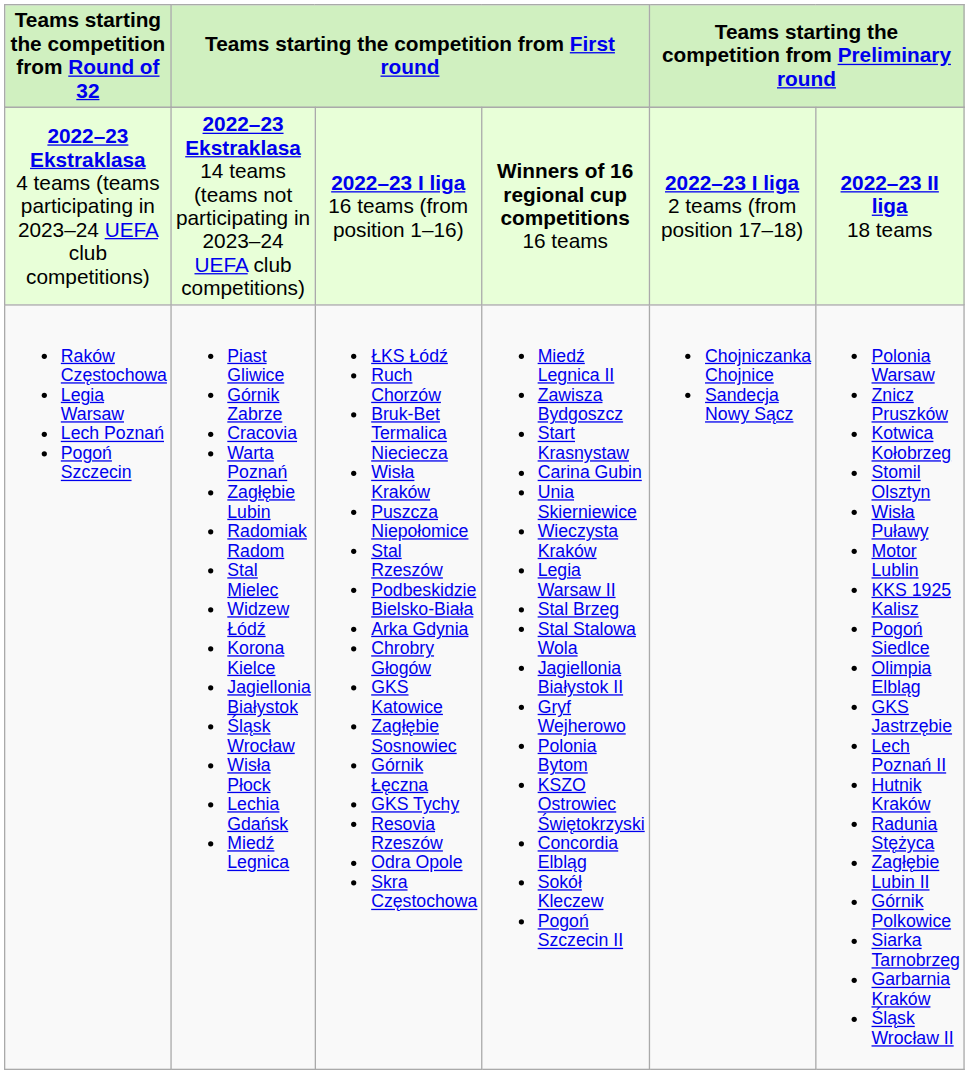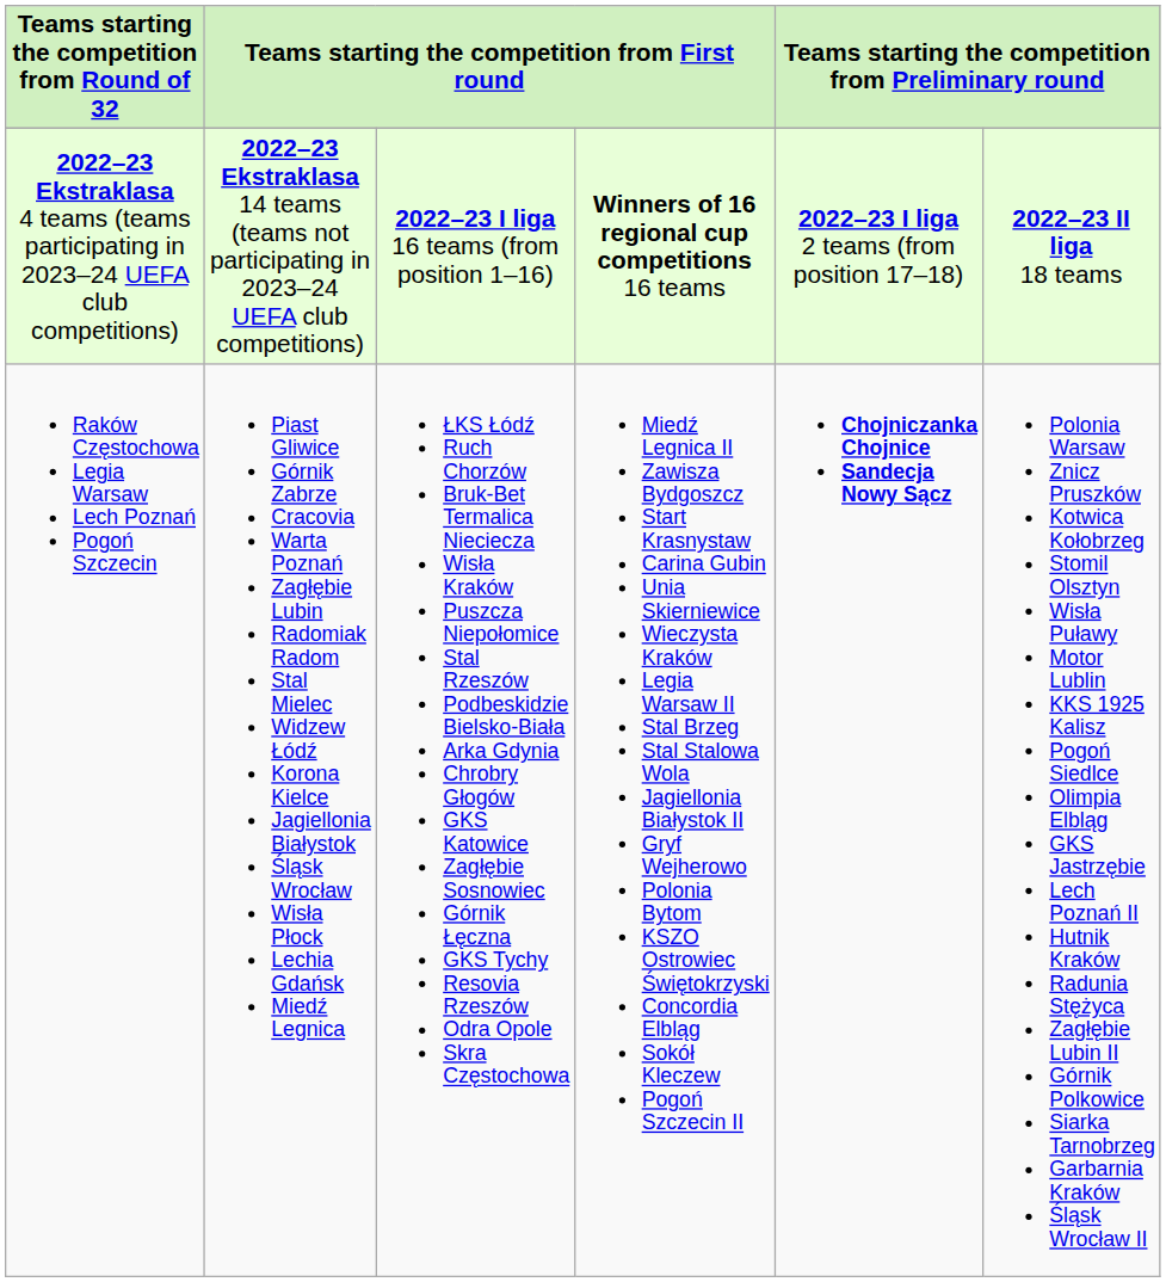 <table class="wikitable" width="100%">
 <tr bgcolor="#D0F0C0">
 <td align="center" colspan="1" width="18%"><strong>Teams starting the competition from <a href='#'>Round of 32</a></strong></td>
 <td align="center" colspan="3" width="64%"><strong>Teams starting the competition from <a href='#'>First round</a></strong></td>
 <td align="center" colspan="2" width="18%"><strong>Teams starting the competition from <a href='#'>Preliminary round</a></strong></td>
 </tr>
 <tr>
 </tr>
 <tr bgcolor="#E8FFD8">
 <td align="center" width="15%"><strong><a href='#'>2022–23 Ekstraklasa</a></strong><br>4 teams (teams participating in 2023–24 <a href='#'>UEFA</a> club competitions)</td>
 <td align="center" width="15%"><strong><a href='#'>2022–23 Ekstraklasa</a></strong><br>14 teams (teams not participating in 2023–24 <a href='#'>UEFA</a> club competitions)</td>
 <td align="center" width="15%"><strong><a href='#'>2022–23 I liga</a></strong><br>16 teams (from position 1–16)</td>
 <td align="center" width="25%"><strong>Winners of 16 regional cup competitions</strong><br>16 teams</td>
 <td align="center" width="15%"><strong><a href='#'>2022–23 I liga</a></strong><br>2 teams (from position 17–18)</td>
 <td align="center" width="15%"><strong><a href='#'>2022–23 II liga</a></strong><br>18 teams</td>
 </tr>
 <tr style="font-size:85%" valign="top">
 <td><br><ul><li><a href='#'>Raków Częstochowa</a></li><li><a href='#'>Legia Warsaw</a></li><li><a href='#'>Lech Poznań</a></li><li><a href='#'>Pogoń Szczecin</a></li></ul></td>
 <td><br><ul><li><a href='#'>Piast Gliwice</a></li><li><a href='#'>Górnik Zabrze</a></li><li><a href='#'>Cracovia</a></li><li><a href='#'>Warta Poznań</a></li><li><a href='#'>Zagłębie Lubin</a></li><li><a href='#'>Radomiak Radom</a></li><li><a href='#'>Stal Mielec</a></li><li><a href='#'>Widzew Łódź</a></li><li><a href='#'>Korona Kielce</a></li><li><a href='#'>Jagiellonia Białystok</a></li><li><a href='#'>Śląsk Wrocław</a></li><li><a href='#'>Wisła Płock</a></li><li><a href='#'>Lechia Gdańsk</a></li><li><a href='#'>Miedź Legnica</a></li></ul></td>
 <td><br><ul><li><a href='#'>ŁKS Łódź</a></li><li><a href='#'>Ruch Chorzów</a></li><li><a href='#'>Bruk-Bet Termalica Nieciecza</a></li><li><a href='#'>Wisła Kraków</a></li><li><a href='#'>Puszcza Niepołomice</a></li><li><a href='#'>Stal Rzeszów</a></li><li><a href='#'>Podbeskidzie Bielsko-Biała</a></li><li><a href='#'>Arka Gdynia</a></li><li><a href='#'>Chrobry Głogów</a></li><li><a href='#'>GKS Katowice</a></li><li><a href='#'>Zagłębie Sosnowiec</a></li><li><a href='#'>Górnik Łęczna</a></li><li><a href='#'>GKS Tychy</a></li><li><a href='#'>Resovia Rzeszów</a></li><li><a href='#'>Odra Opole</a></li><li><a href='#'>Skra Częstochowa</a></li></ul></td>
 <td><br><ul><li><a href='#'>Miedź Legnica II</a> </li><li><a href='#'>Zawisza Bydgoszcz</a> </li><li><a href='#'>Start Krasnystaw</a> </li><li><a href='#'>Carina Gubin</a> </li><li><a href='#'>Unia Skierniewice</a> </li><li><a href='#'>Wieczysta Kraków</a> </li><li><a href='#'>Legia Warsaw II</a> </li><li><a href='#'>Stal Brzeg</a> </li><li><a href='#'>Stal Stalowa Wola</a> </li><li><a href='#'>Jagiellonia Białystok II</a> </li><li><a href='#'>Gryf Wejherowo</a> </li><li><a href='#'>Polonia Bytom</a> </li><li><a href='#'>KSZO Ostrowiec Świętokrzyski</a> </li><li><a href='#'>Concordia Elbląg</a> </li><li><a href='#'>Sokół Kleczew</a> </li><li><a href='#'>Pogoń Szczecin II</a> </li></ul></td>
-<td><br><ul><li><a href='#'>Chojniczanka Chojnice</a></li><li><a href='#'>Sandecja Nowy Sącz</a></li></ul></td>
+<td><strong><br><ul><li><a href='#'>Chojniczanka Chojnice</a></li><li><a href='#'>Sandecja Nowy Sącz</a></li></ul></strong></td>
 <td><br><ul><li><a href='#'>Polonia Warsaw</a></li><li><a href='#'>Znicz Pruszków</a></li><li><a href='#'>Kotwica Kołobrzeg</a></li><li><a href='#'>Stomil Olsztyn</a></li><li><a href='#'>Wisła Puławy</a></li><li><a href='#'>Motor Lublin</a></li><li><a href='#'>KKS 1925 Kalisz</a></li><li><a href='#'>Pogoń Siedlce</a></li><li><a href='#'>Olimpia Elbląg</a></li><li><a href='#'>GKS Jastrzębie</a></li><li><a href='#'>Lech Poznań II</a></li><li><a href='#'>Hutnik Kraków</a></li><li><a href='#'>Radunia Stężyca</a></li><li><a href='#'>Zagłębie Lubin II</a></li><li><a href='#'>Górnik Polkowice</a></li><li><a href='#'>Siarka Tarnobrzeg</a></li><li><a href='#'>Garbarnia Kraków</a></li><li><a href='#'>Śląsk Wrocław II</a></li></ul></td>
 </tr>
 </table>
